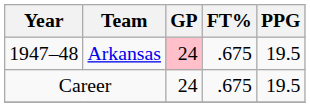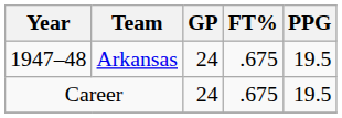 <table class="wikitable sortable" style="font-size:95%; text-align:right;">
 <tr>
 <th>Year</th>
 <th>Team</th>
 <th>GP</th>
 <th>FT%</th>
 <th>PPG</th>
 </tr>
 <tr>
 <td style="text-align:left;">1947–48</td>
 <td style="text-align:left;"><a href='#'>Arkansas</a></td>
-<td style="background: pink;">24</td>
+<td>24</td>
 <td>.675</td>
 <td>19.5</td>
 </tr>
 <tr>
 <td style="text-align:center;" colspan="2">Career</td>
 <td>24</td>
 <td>.675</td>
 <td>19.5</td>
 </tr>
 <tr>
 </tr>
 </table>
